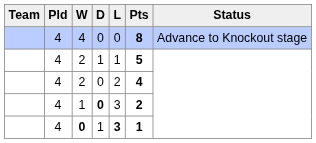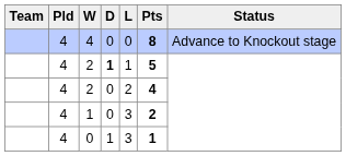 <table style=border-collapse:collapse border=1 cellspacing=0 cellpadding=5>
 <tr align=center bgcolor=#efefef>
 <th>Team</th>
 <th>Pld</th>
 <th>W</th>
 <th>D</th>
 <th>L</th>
 <th>Pts</th>
 <th>Status</th>
 </tr>
 <tr align=center style="background:#bbccff;">
 <td style="text-align:left;"> </td>
 <td>4</td>
 <td>4</td>
 <td>0</td>
 <td>0</td>
 <td><strong>8</strong></td>
 <td rowspan=1>Advance to Knockout stage</td>
 </tr>
 <tr align=center style="background:#FFFFFF;">
 <td style="text-align:left;"> </td>
 <td>4</td>
 <td>2</td>
-<td>1</td>
+<td><strong>1</strong></td>
 <td>1</td>
 <td><strong>5</strong></td>
 <td rowspan=4></td>
 </tr>
 <tr align=center style="background:#FFFFFF;">
 <td style="text-align:left;"> </td>
 <td>4</td>
 <td>2</td>
 <td>0</td>
 <td>2</td>
 <td><strong>4</strong></td>
 </tr>
 <tr align=center style="background:#FFFFFF;">
 <td style="text-align:left;"> </td>
 <td>4</td>
 <td>1</td>
-<td><strong>0</strong></td>
+<td>0</td>
 <td>3</td>
 <td><strong>2</strong></td>
 </tr>
 <tr align=center style="background:#FFFFFF;">
 <td style="text-align:left;"> </td>
 <td>4</td>
-<td><strong>0</strong></td>
+<td>0</td>
 <td>1</td>
-<td><strong>3</strong></td>
+<td>3</td>
 <td><strong>1</strong></td>
 </tr>
 </table>
